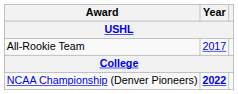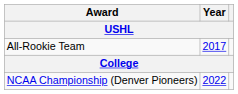 <table class="wikitable">
 <tr>
 <th>Award</th>
 <th>Year</th>
 <th></th>
 </tr>
 <tr ALIGN="center" bgcolor="#e0e0e0">
 <th colspan="3"><a href='#'>USHL</a></th>
 </tr>
 <tr>
 <td>All-Rookie Team</td>
 <td><a href='#'>2017</a></td>
 <td></td>
 </tr>
 <tr ALIGN="center" bgcolor="#e0e0e0">
 <th colspan="3"><a href='#'>College</a></th>
 </tr>
 <tr>
 <td><a href='#'>NCAA Championship</a> (Denver Pioneers)</td>
-<td><strong><a href='#'>2022</a></strong></td>
+<td><a href='#'>2022</a></td>
 <td></td>
 </tr>
 </table>
